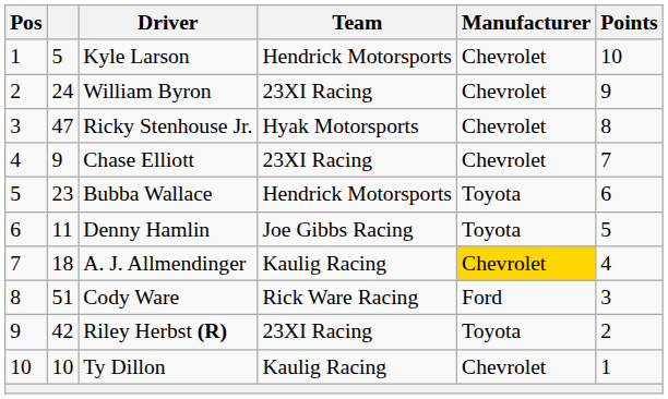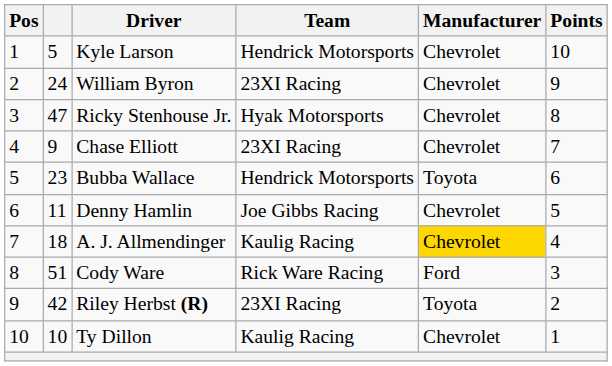 <table class="wikitable" style="font-size:98%">
 <tr>
 <th>Pos</th>
 <th></th>
 <th>Driver</th>
 <th>Team</th>
 <th>Manufacturer</th>
 <th>Points</th>
 </tr>
 <tr>
 <td>1</td>
 <td>5</td>
 <td>Kyle Larson</td>
 <td>Hendrick Motorsports</td>
 <td>Chevrolet</td>
 <td>10</td>
 </tr>
 <tr>
 <td>2</td>
 <td>24</td>
 <td>William Byron</td>
 <td>23XI Racing</td>
 <td>Chevrolet</td>
 <td>9</td>
 </tr>
 <tr>
 <td>3</td>
 <td>47</td>
 <td>Ricky Stenhouse Jr.</td>
 <td>Hyak Motorsports</td>
 <td>Chevrolet</td>
 <td>8</td>
 </tr>
 <tr>
 <td>4</td>
 <td>9</td>
 <td>Chase Elliott</td>
 <td>23XI Racing</td>
 <td>Chevrolet</td>
 <td>7</td>
 </tr>
 <tr>
 <td>5</td>
 <td>23</td>
 <td>Bubba Wallace</td>
 <td>Hendrick Motorsports</td>
 <td>Toyota</td>
 <td>6</td>
 </tr>
 <tr>
 <td>6</td>
 <td>11</td>
 <td>Denny Hamlin</td>
 <td>Joe Gibbs Racing</td>
-<td>Toyota</td>
+<td>Chevrolet</td>
 <td>5</td>
 </tr>
 <tr>
 <td>7</td>
 <td>18</td>
 <td>A. J. Allmendinger</td>
 <td>Kaulig Racing</td>
 <td style="background: gold;">Chevrolet</td>
 <td>4</td>
 </tr>
 <tr>
 <td>8</td>
 <td>51</td>
 <td>Cody Ware</td>
 <td>Rick Ware Racing</td>
 <td>Ford</td>
 <td>3</td>
 </tr>
 <tr>
 <td>9</td>
 <td>42</td>
 <td>Riley Herbst <strong>(R)</strong></td>
 <td>23XI Racing</td>
 <td>Toyota</td>
 <td>2</td>
 </tr>
 <tr>
 <td>10</td>
 <td>10</td>
 <td>Ty Dillon</td>
 <td>Kaulig Racing</td>
 <td>Chevrolet</td>
 <td>1</td>
 </tr>
 <tr>
 <th colspan="6"></th>
 </tr>
 </table>
